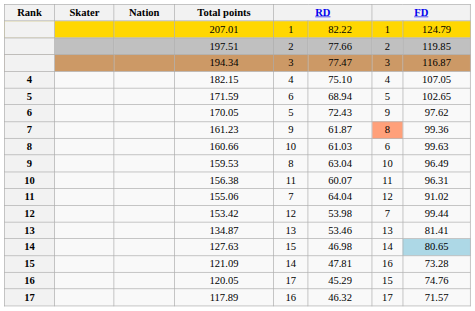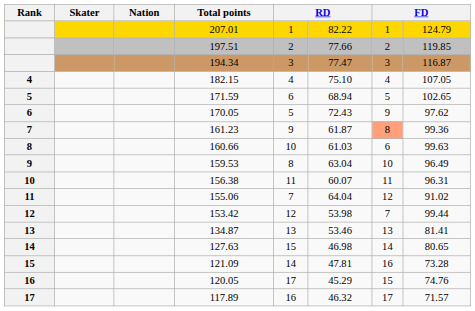 <table class="wikitable sortable" style="text-align:center;" width="80%">
 <tr>
 <th scope="col">Rank</th>
 <th scope="col">Skater</th>
 <th scope="col">Nation</th>
 <th scope="col">Total points</th>
 <th scope="col" colspan="2" width="80px"><a href='#'>RD</a></th>
 <th scope="col" colspan="2" width="80px"><a href='#'>FD</a></th>
 </tr>
 <tr bgcolor="gold">
 <th scope="row"></th>
 <td align="left"></td>
 <td align="left"></td>
 <td>207.01</td>
 <td>1</td>
 <td>82.22</td>
 <td>1</td>
 <td>124.79</td>
 </tr>
 <tr bgcolor="silver">
 <th scope="row"></th>
 <td align="left"></td>
 <td align="left"></td>
 <td>197.51</td>
 <td>2</td>
 <td>77.66</td>
 <td>2</td>
 <td>119.85</td>
 </tr>
 <tr bgcolor="cc9966">
 <th scope="row"></th>
 <td align="left"></td>
 <td align="left"></td>
 <td>194.34</td>
 <td>3</td>
 <td>77.47</td>
 <td>3</td>
 <td>116.87</td>
 </tr>
 <tr>
 <th scope="row">4</th>
 <td align="left"></td>
 <td align="left"></td>
 <td>182.15</td>
 <td>4</td>
 <td>75.10</td>
 <td>4</td>
 <td>107.05</td>
 </tr>
 <tr>
 <th scope="row">5</th>
 <td align="left"></td>
 <td align="left"></td>
 <td>171.59</td>
 <td>6</td>
 <td>68.94</td>
 <td>5</td>
 <td>102.65</td>
 </tr>
 <tr>
 <th scope="row">6</th>
 <td align="left"></td>
 <td align="left"></td>
 <td>170.05</td>
 <td>5</td>
 <td>72.43</td>
 <td>9</td>
 <td>97.62</td>
 </tr>
 <tr>
 <th scope="row">7</th>
 <td align="left"></td>
 <td align="left"></td>
 <td>161.23</td>
 <td>9</td>
 <td>61.87</td>
 <td style="background: lightsalmon;">8</td>
 <td>99.36</td>
 </tr>
 <tr>
 <th scope="row">8</th>
 <td align="left"></td>
 <td align="left"></td>
 <td>160.66</td>
 <td>10</td>
 <td>61.03</td>
 <td>6</td>
 <td>99.63</td>
 </tr>
 <tr>
 <th scope="row">9</th>
 <td align="left"></td>
 <td align="left"></td>
 <td>159.53</td>
 <td>8</td>
 <td>63.04</td>
 <td>10</td>
 <td>96.49</td>
 </tr>
 <tr>
 <th scope="row">10</th>
 <td align="left"></td>
 <td align="left"></td>
 <td>156.38</td>
 <td>11</td>
 <td>60.07</td>
 <td>11</td>
 <td>96.31</td>
 </tr>
 <tr>
 <th scope="row">11</th>
 <td align="left"></td>
 <td align="left"></td>
 <td>155.06</td>
 <td>7</td>
 <td>64.04</td>
 <td>12</td>
 <td>91.02</td>
 </tr>
 <tr>
 <th scope="row">12</th>
 <td align="left"></td>
 <td align="left"></td>
 <td>153.42</td>
 <td>12</td>
 <td>53.98</td>
 <td>7</td>
 <td>99.44</td>
 </tr>
 <tr>
 <th scope="row">13</th>
 <td align="left"></td>
 <td align="left"></td>
 <td>134.87</td>
 <td>13</td>
 <td>53.46</td>
 <td>13</td>
 <td>81.41</td>
 </tr>
 <tr>
 <th scope="row">14</th>
 <td align="left"></td>
 <td align="left"></td>
 <td>127.63</td>
 <td>15</td>
 <td>46.98</td>
 <td>14</td>
-<td style="background: lightblue;">80.65</td>
+<td>80.65</td>
 </tr>
 <tr>
 <th scope="row">15</th>
 <td align="left"></td>
 <td align="left"></td>
 <td>121.09</td>
 <td>14</td>
 <td>47.81</td>
 <td>16</td>
 <td>73.28</td>
 </tr>
 <tr>
 <th scope="row">16</th>
 <td align="left"></td>
 <td align="left"></td>
 <td>120.05</td>
 <td>17</td>
 <td>45.29</td>
 <td>15</td>
 <td>74.76</td>
 </tr>
 <tr>
 <th scope="row">17</th>
 <td align="left"></td>
 <td align="left"></td>
 <td>117.89</td>
 <td>16</td>
 <td>46.32</td>
 <td>17</td>
 <td>71.57</td>
 </tr>
 </table>
